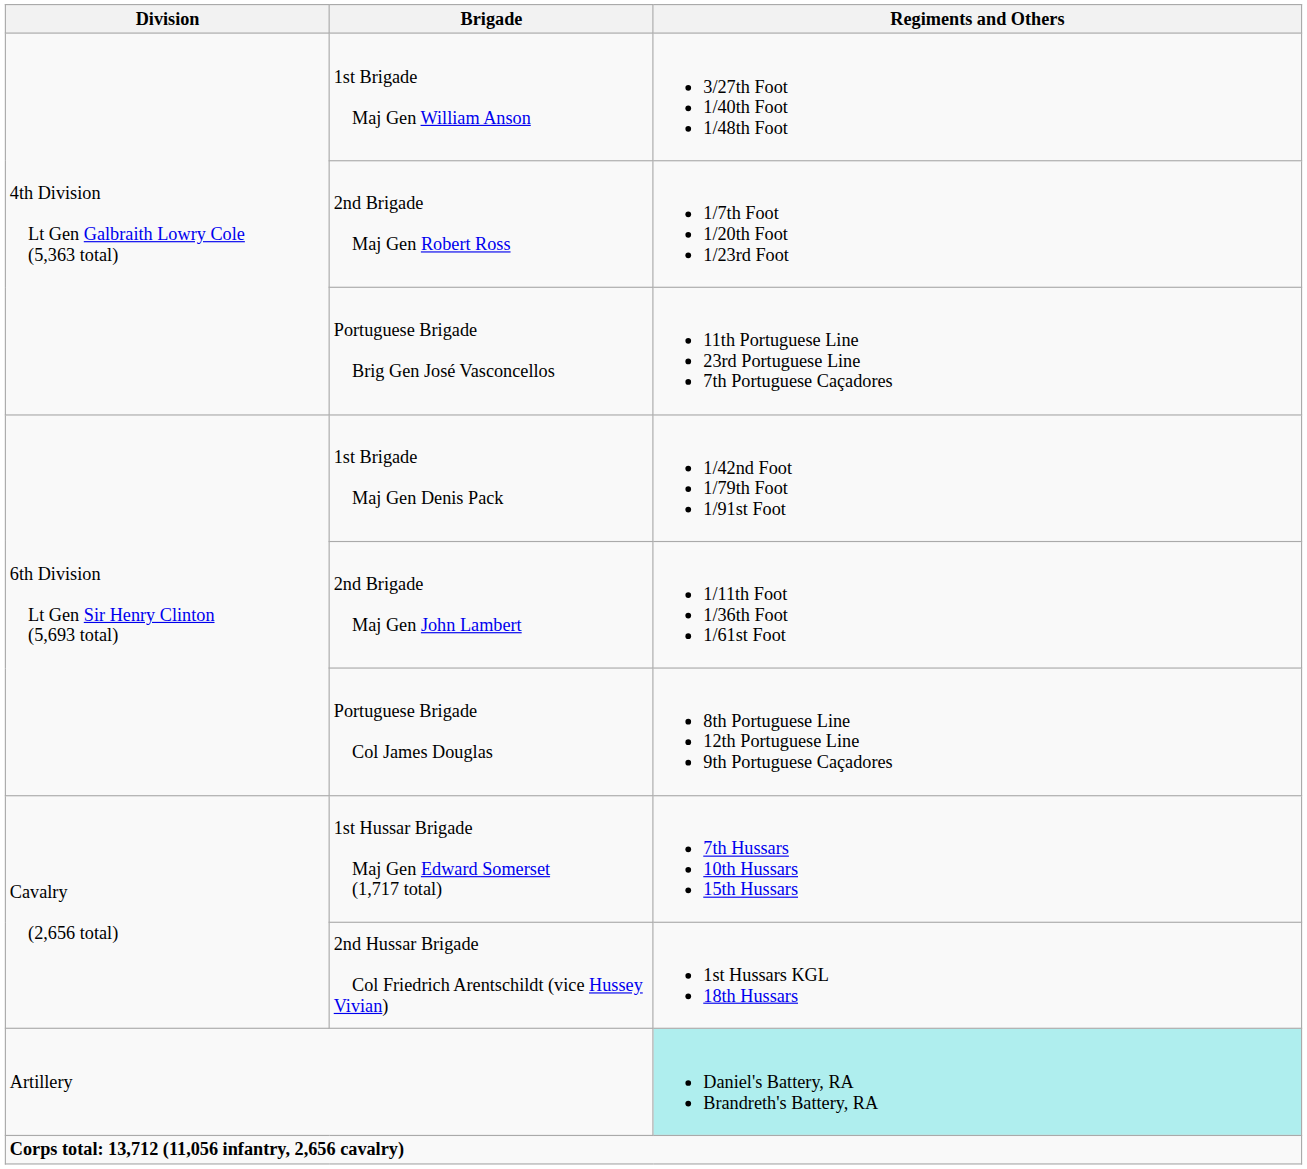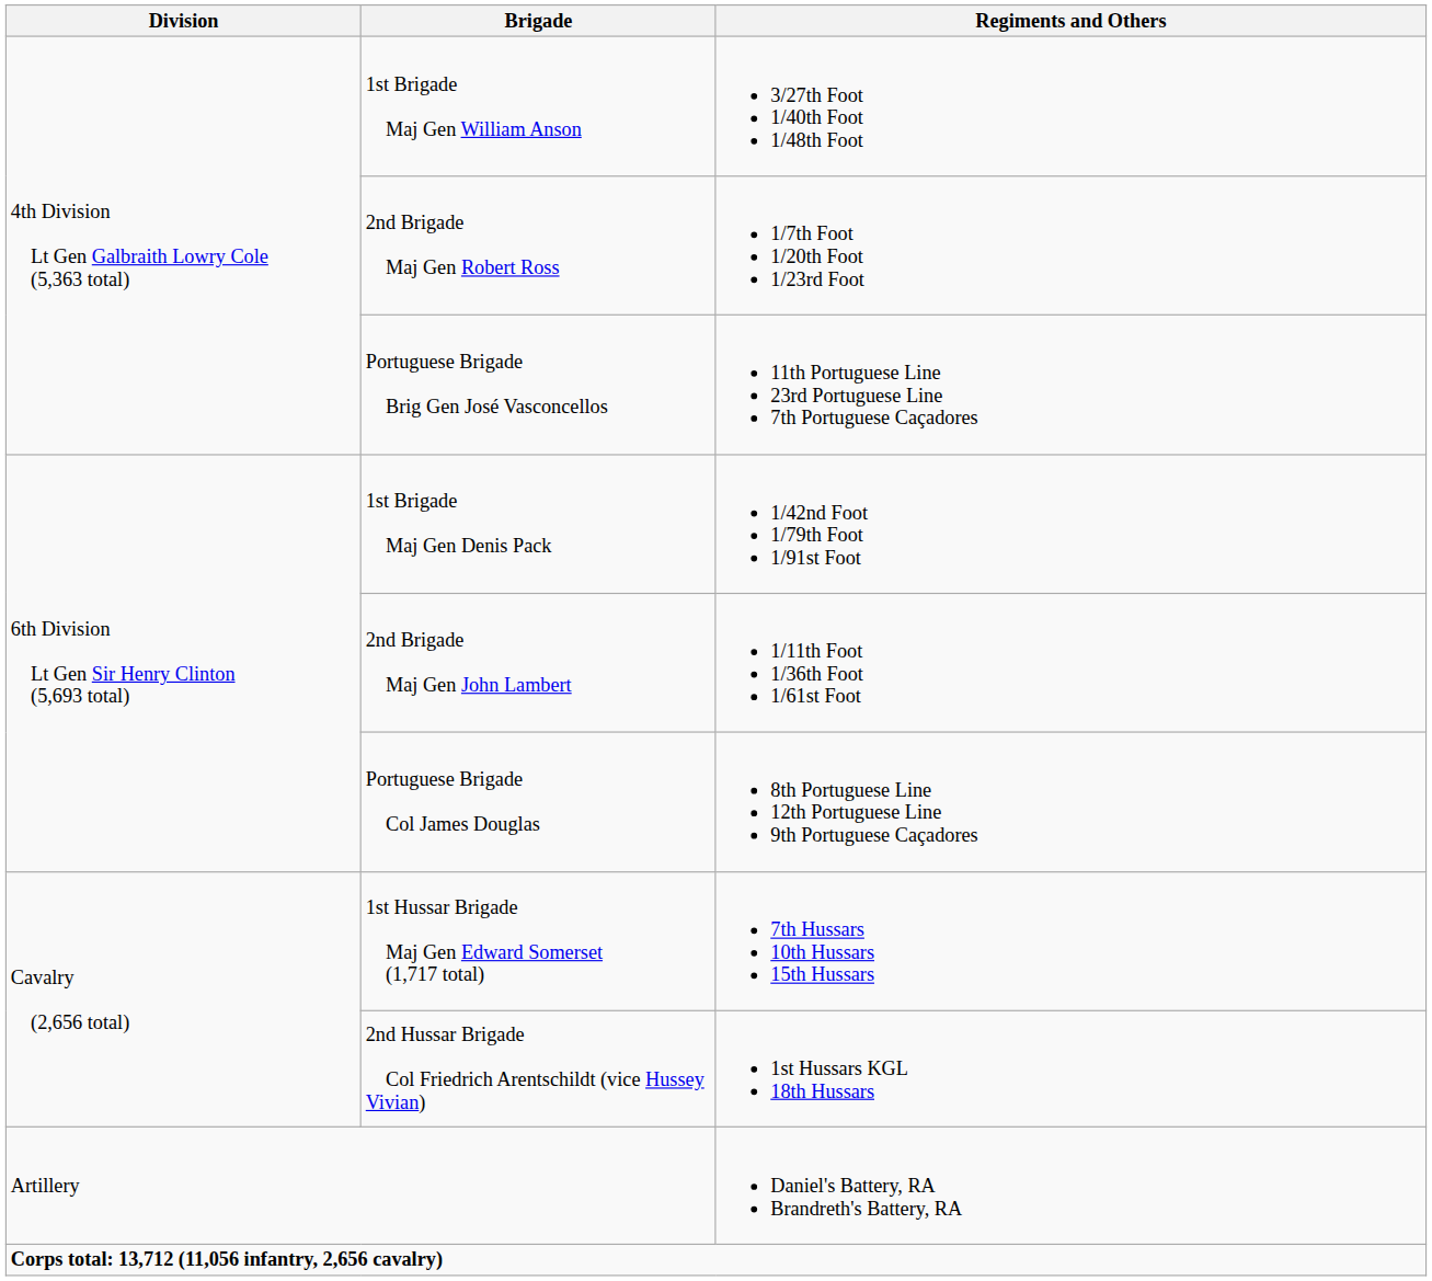 <table class="wikitable" width="90%" style="margin: 1em auto 1em auto">
 <tr>
 <th style="width:25%;">Division</th>
 <th style="width:25%;">Brigade</th>
 <th>Regiments and Others</th>
 </tr>
 <tr>
 <td rowspan=3>4th Division<br><br>    Lt Gen <a href='#'>Galbraith Lowry Cole</a> <br>    (5,363 total)</td>
 <td>1st Brigade<br><br>    Maj Gen <a href='#'>William Anson</a></td>
 <td><br><ul><li>3/27th Foot</li><li>1/40th Foot</li><li>1/48th Foot</li></ul></td>
 </tr>
 <tr>
 <td>2nd Brigade<br><br>    Maj Gen <a href='#'>Robert Ross</a></td>
 <td><br><ul><li>1/7th Foot</li><li>1/20th Foot</li><li>1/23rd Foot</li></ul></td>
 </tr>
 <tr>
 <td>Portuguese Brigade<br><br>    Brig Gen José Vasconcellos</td>
 <td><br><ul><li>11th Portuguese Line</li><li>23rd Portuguese Line</li><li>7th Portuguese Caçadores</li></ul></td>
 </tr>
 <tr>
 <td rowspan=3>6th Division<br><br>    Lt Gen <a href='#'>Sir Henry Clinton</a> <br>    (5,693 total)</td>
 <td>1st Brigade<br><br>    Maj Gen Denis Pack</td>
 <td><br><ul><li>1/42nd Foot</li><li>1/79th Foot</li><li>1/91st Foot</li></ul></td>
 </tr>
 <tr>
 <td>2nd Brigade<br><br>    Maj Gen <a href='#'>John Lambert</a></td>
 <td><br><ul><li>1/11th Foot</li><li>1/36th Foot</li><li>1/61st Foot</li></ul></td>
 </tr>
 <tr>
 <td>Portuguese Brigade<br><br>    Col James Douglas</td>
 <td><br><ul><li>8th Portuguese Line</li><li>12th Portuguese Line</li><li>9th Portuguese Caçadores</li></ul></td>
 </tr>
 <tr>
 <td rowspan=2>Cavalry<br><br>    (2,656 total)</td>
 <td>1st Hussar Brigade<br><br>    Maj Gen <a href='#'>Edward Somerset</a> <br>    (1,717 total)</td>
 <td><br><ul><li><a href='#'>7th Hussars</a></li><li><a href='#'>10th Hussars</a></li><li><a href='#'>15th Hussars</a></li></ul></td>
 </tr>
 <tr>
 <td>2nd Hussar Brigade<br><br>    Col Friedrich Arentschildt (vice <a href='#'>Hussey Vivian</a>)</td>
 <td><br><ul><li>1st Hussars KGL</li><li><a href='#'>18th Hussars</a></li></ul></td>
 </tr>
 <tr>
 <td colspan=2>Artillery</td>
-<td style="background: paleturquoise;"><br><ul><li>Daniel's Battery, RA</li><li>Brandreth's Battery, RA</li></ul></td>
+<td><br><ul><li>Daniel's Battery, RA</li><li>Brandreth's Battery, RA</li></ul></td>
 </tr>
 <tr>
 <td colspan=3><strong>Corps total: 13,712 (11,056 infantry, 2,656 cavalry)</strong></td>
 </tr>
 </table>
